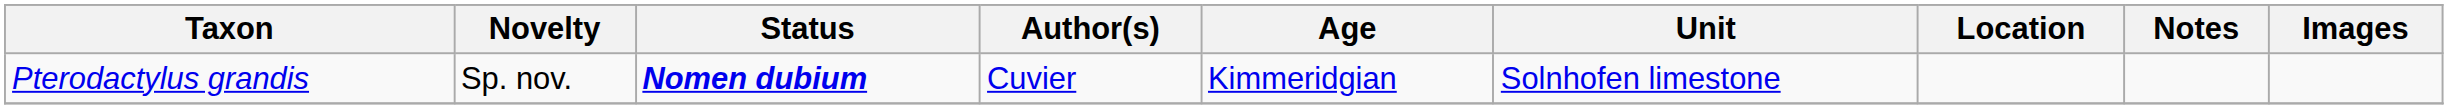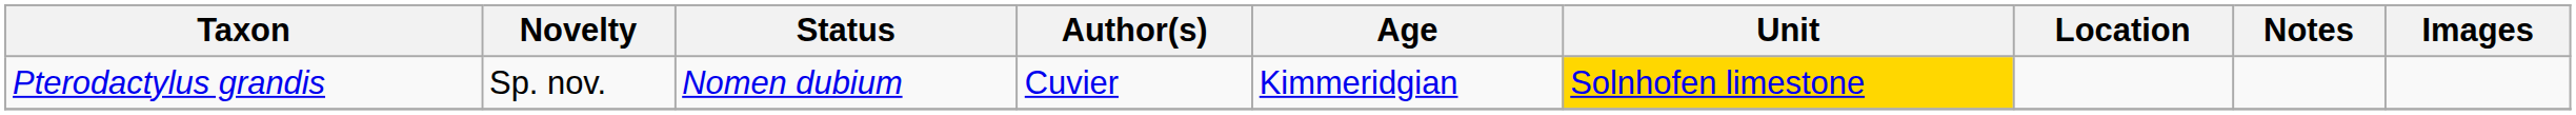 <table class="wikitable sortable" align="center" width="100%">
 <tr>
 <th>Taxon</th>
 <th>Novelty</th>
 <th>Status</th>
 <th>Author(s)</th>
 <th>Age</th>
 <th>Unit</th>
 <th>Location</th>
 <th>Notes</th>
 <th>Images</th>
 </tr>
 <tr>
 <td><em><a href='#'>Pterodactylus grandis</a></em></td>
 <td>Sp. nov.</td>
-<td><strong><em><a href='#'>Nomen dubium</a></em></strong></td>
+<td><em><a href='#'>Nomen dubium</a></em></td>
 <td><a href='#'>Cuvier</a></td>
 <td><a href='#'>Kimmeridgian</a></td>
-<td><a href='#'>Solnhofen limestone</a></td>
+<td style="background: gold;"><a href='#'>Solnhofen limestone</a></td>
 <td></td>
 <td></td>
 <td></td>
 </tr>
 <tr>
 </tr>
 </table>
